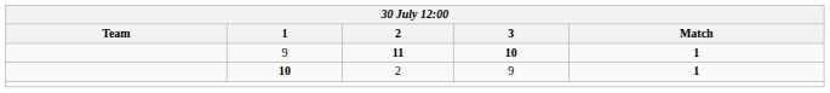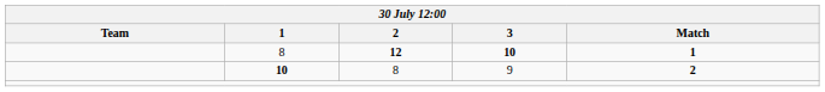 <table class=wikitable style="text-align:center; width: 55%">
 <tr>
 <th colspan=10><em>30 July 12:00</em></th>
 </tr>
 <tr>
 <th>Team</th>
 <th>1</th>
 <th>2</th>
 <th>3</th>
 <th>Match</th>
 </tr>
 <tr>
 <td align=left><strong><br></strong></td>
-<td>9</td>
-<td><strong>11</strong></td>
+<td>8</td>
+<td><strong>12</strong></td>
 <td><strong>10</strong></td>
 <td><strong>1</strong></td>
 </tr>
 <tr>
 <td align=left><br></td>
 <td><strong>10</strong></td>
-<td>2</td>
+<td>8</td>
 <td>9</td>
-<td><strong>1</strong></td>
+<td><strong>2</strong></td>
 </tr>
 <tr>
 <td colspan=10></td>
 </tr>
 </table>
